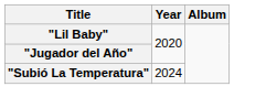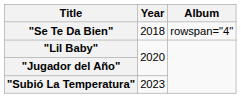 <table class="wikitable plainrowheaders" style="text-align:center;">
 <tr>
 <th scope="col">Title</th>
 <th scope="col">Year</th>
 <th scope="col">Album</th>
+</tr>
+<tr>
+<th scope="row">"Se Te Da Bien"<br></th>
+<td>2018</td>
+<td>rowspan="4" </td>
 </tr>
 <tr>
 <th scope="row">"Lil Baby"<br></th>
 <td rowspan="2">2020</td>
 </tr>
 <tr>
 <th scope="row">"Jugador del Año"<br></th>
 </tr>
 <tr>
 <th scope="row">"Subió La Temperatura"<br></th>
-<td>2024</td>
+<td>2023</td>
 </tr>
 </table>
